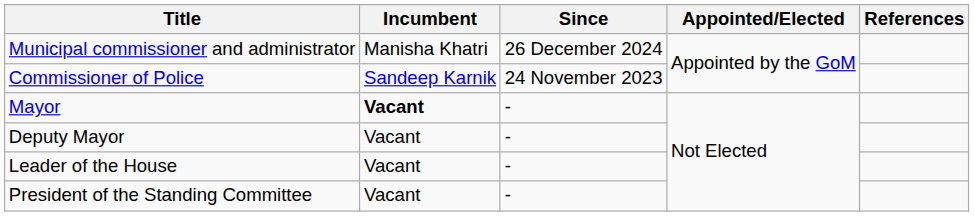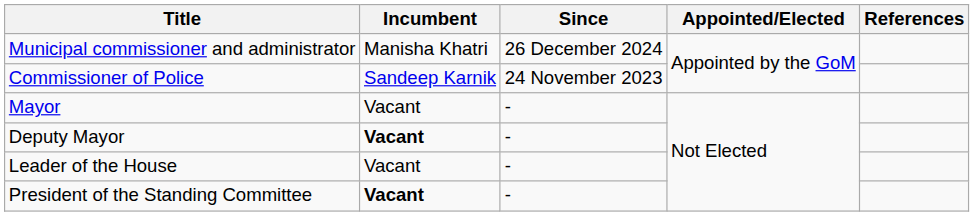 <table class="wikitable">
 <tr>
 <th>Title</th>
 <th>Incumbent</th>
 <th>Since</th>
 <th>Appointed/Elected</th>
 <th>References</th>
 </tr>
 <tr>
 <td><a href='#'>Municipal commissioner</a> and administrator</td>
 <td>Manisha Khatri</td>
 <td>26 December 2024</td>
 <td rowspan="2">Appointed by the <a href='#'>GoM</a></td>
 <td></td>
 </tr>
 <tr>
 <td><a href='#'>Commissioner of Police</a></td>
 <td><a href='#'>Sandeep Karnik</a></td>
 <td>24 November 2023</td>
 <td></td>
 </tr>
 <tr>
 <td><a href='#'>Mayor</a></td>
-<td><strong>Vacant</strong></td>
+<td>Vacant</td>
 <td>-</td>
 <td rowspan="4">Not Elected</td>
 <td></td>
 </tr>
 <tr>
 <td>Deputy Mayor</td>
-<td>Vacant</td>
+<td><strong>Vacant</strong></td>
 <td>-</td>
 <td></td>
 </tr>
 <tr>
 <td>Leader of the House</td>
 <td>Vacant</td>
 <td>-</td>
 <td></td>
 </tr>
 <tr>
 <td>President of the Standing Committee</td>
-<td>Vacant</td>
+<td><strong>Vacant</strong></td>
 <td>-</td>
 <td></td>
 </tr>
 </table>
